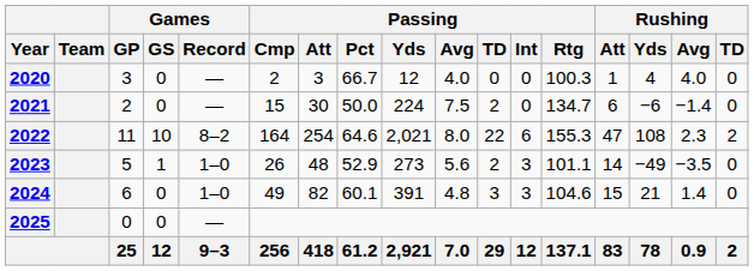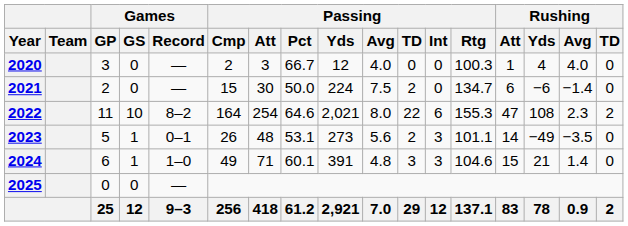 <table style="text-align:center;" class="wikitable">
 <tr>
 <th colspan="2"></th>
 <th colspan="3">Games</th>
 <th colspan="8">Passing</th>
 <th colspan="4">Rushing</th>
 </tr>
 <tr>
 <th>Year</th>
 <th>Team</th>
 <th>GP</th>
 <th>GS</th>
 <th>Record</th>
 <th>Cmp</th>
 <th>Att</th>
 <th>Pct</th>
 <th>Yds</th>
 <th>Avg</th>
 <th>TD</th>
 <th>Int</th>
 <th>Rtg</th>
 <th>Att</th>
 <th>Yds</th>
 <th>Avg</th>
 <th>TD</th>
 </tr>
 <tr>
 <th><a href='#'>2020</a></th>
 <th><a href='#'></a></th>
 <td>3</td>
 <td>0</td>
 <td>—</td>
 <td>2</td>
 <td>3</td>
 <td>66.7</td>
 <td>12</td>
 <td>4.0</td>
 <td>0</td>
 <td>0</td>
 <td>100.3</td>
 <td>1</td>
 <td>4</td>
 <td>4.0</td>
 <td>0</td>
 </tr>
 <tr>
 <th><a href='#'>2021</a></th>
 <th><a href='#'></a></th>
 <td>2</td>
 <td>0</td>
 <td>—</td>
 <td>15</td>
 <td>30</td>
 <td>50.0</td>
 <td>224</td>
 <td>7.5</td>
 <td>2</td>
 <td>0</td>
 <td>134.7</td>
 <td>6</td>
 <td>−6</td>
 <td>−1.4</td>
 <td>0</td>
 </tr>
 <tr>
 <th><a href='#'>2022</a></th>
 <th><a href='#'></a></th>
 <td>11</td>
 <td>10</td>
 <td>8–2</td>
 <td>164</td>
 <td>254</td>
 <td>64.6</td>
 <td>2,021</td>
 <td>8.0</td>
 <td>22</td>
 <td>6</td>
 <td>155.3</td>
 <td>47</td>
 <td>108</td>
 <td>2.3</td>
 <td>2</td>
 </tr>
 <tr>
 <th><a href='#'>2023</a></th>
 <th><a href='#'></a></th>
 <td>5</td>
 <td>1</td>
-<td>1–0</td>
+<td>0–1</td>
 <td>26</td>
 <td>48</td>
-<td>52.9</td>
+<td>53.1</td>
 <td>273</td>
 <td>5.6</td>
 <td>2</td>
 <td>3</td>
 <td>101.1</td>
 <td>14</td>
 <td>−49</td>
 <td>−3.5</td>
 <td>0</td>
 </tr>
 <tr>
 <th><a href='#'>2024</a></th>
 <th><a href='#'></a></th>
 <td>6</td>
-<td>0</td>
+<td>1</td>
 <td>1–0</td>
 <td>49</td>
-<td>82</td>
+<td>71</td>
 <td>60.1</td>
 <td>391</td>
 <td>4.8</td>
 <td>3</td>
 <td>3</td>
 <td>104.6</td>
 <td>15</td>
 <td>21</td>
 <td>1.4</td>
 <td>0</td>
 </tr>
 <tr>
 <th><a href='#'>2025</a></th>
 <th><a href='#'></a></th>
 <td>0</td>
 <td>0</td>
 <td>—</td>
 </tr>
 <tr>
 <th colspan="2"></th>
 <th>25</th>
 <th>12</th>
 <th>9–3</th>
 <th>256</th>
 <th>418</th>
 <th>61.2</th>
 <th>2,921</th>
 <th>7.0</th>
 <th>29</th>
 <th>12</th>
 <th>137.1</th>
 <th>83</th>
 <th>78</th>
 <th>0.9</th>
 <th>2</th>
 </tr>
 </table>
